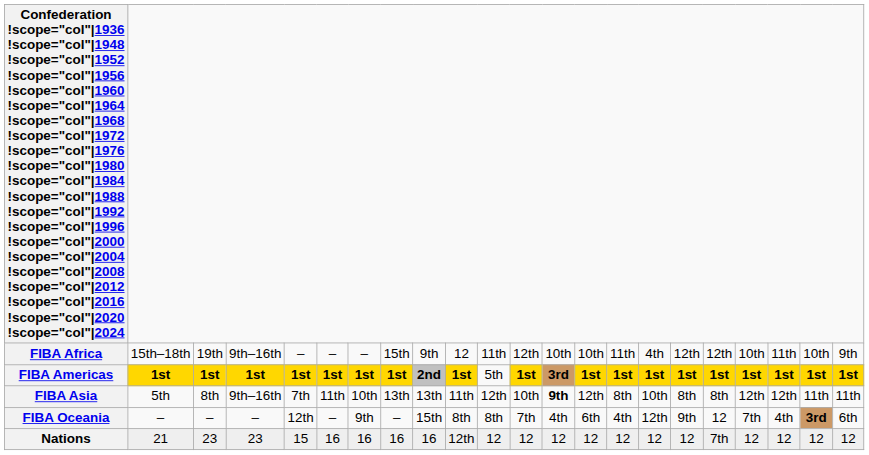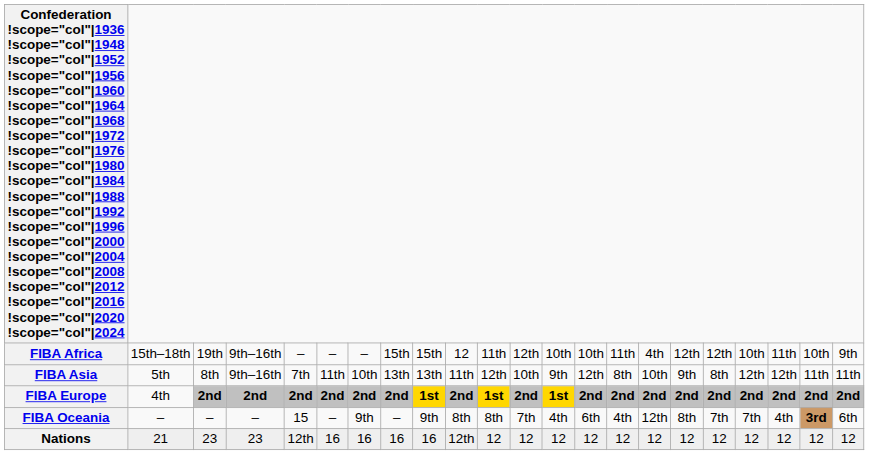 <table class="wikitable plainrowheaders sticky-table-row1 sticky-table-col1" style="text-align:center;">
 <tr style="background:#cccccc;">
 <th scope="col">Confederation<br> !scope="col"|<a href='#'>1936</a><br>  !scope="col"|<a href='#'>1948</a><br>  !scope="col"|<a href='#'>1952</a><br>  !scope="col"|<a href='#'>1956</a><br>  !scope="col"|<a href='#'>1960</a><br>  !scope="col"|<a href='#'>1964</a><br>  !scope="col"|<a href='#'>1968</a><br>  !scope="col"|<a href='#'>1972</a><br>  !scope="col"|<a href='#'>1976</a><br>  !scope="col"|<a href='#'>1980</a><br>  !scope="col"|<a href='#'>1984</a><br>  !scope="col"|<a href='#'>1988</a><br>  !scope="col"|<a href='#'>1992</a><br>  !scope="col"|<a href='#'>1996</a><br>  !scope="col"|<a href='#'>2000</a><br>  !scope="col"|<a href='#'>2004</a><br>  !scope="col"|<a href='#'>2008</a><br>  !scope="col"|<a href='#'>2012</a><br>  !scope="col"|<a href='#'>2016</a><br>  !scope="col"|<a href='#'>2020</a><br>  !scope="col"|<a href='#'>2024</a><br></th>
 </tr>
 <tr>
 <th scope="row"><a href='#'>FIBA Africa</a></th>
 <td>15th–18th</td>
 <td>19th</td>
 <td>9th–16th</td>
 <td>–</td>
 <td>–</td>
 <td>–</td>
 <td>15th</td>
-<td>9th</td>
+<td>15th</td>
 <td>12</td>
 <td>11th</td>
 <td>12th</td>
 <td>10th</td>
 <td>10th</td>
 <td>11th</td>
 <td>4th</td>
 <td>12th</td>
 <td>12th</td>
 <td>10th</td>
 <td>11th</td>
 <td>10th</td>
 <td>9th</td>
 </tr>
 <tr>
-<th scope="row"><a href='#'>FIBA Americas</a></th>
-<td style="background:gold"><strong>1st</strong></td>
-<td style="background:gold"><strong>1st</strong></td>
-<td style="background:gold"><strong>1st</strong></td>
-<td style="background:gold"><strong>1st</strong></td>
-<td style="background:gold"><strong>1st</strong></td>
-<td style="background:gold"><strong>1st</strong></td>
-<td style="background:gold"><strong>1st</strong></td>
-<td style="background:silver"><strong>2nd</strong></td>
-<td style="background:gold"><strong>1st</strong></td>
-<td>5th</td>
-<td style="background:gold"><strong>1st</strong></td>
-<td style="background:#cc9966"><strong>3rd</strong></td>
-<td style="background:gold"><strong>1st</strong></td>
-<td style="background:gold"><strong>1st</strong></td>
-<td style="background:gold"><strong>1st</strong></td>
-<td style="background:gold"><strong>1st</strong></td>
-<td style="background:gold"><strong>1st</strong></td>
-<td style="background:gold"><strong>1st</strong></td>
-<td style="background:gold"><strong>1st</strong></td>
-<td style="background:gold"><strong>1st</strong></td>
-<td style="background:gold"><strong>1st</strong></td>
-</tr>
-<tr>
 <th scope="row"><a href='#'>FIBA Asia</a></th>
 <td>5th</td>
 <td>8th</td>
 <td>9th–16th</td>
 <td>7th</td>
 <td>11th</td>
 <td>10th</td>
 <td>13th</td>
 <td>13th</td>
 <td>11th</td>
 <td>12th</td>
 <td>10th</td>
-<td><strong>9th</strong></td>
+<td>9th</td>
 <td>12th</td>
 <td>8th</td>
 <td>10th</td>
-<td>8th</td>
+<td>9th</td>
 <td>8th</td>
 <td>12th</td>
 <td>12th</td>
 <td>11th</td>
 <td>11th</td>
 </tr>
 <tr>
+<th scope="row"><a href='#'>FIBA Europe</a></th>
+<td>4th</td>
+<td style="background:silver"><strong>2nd</strong></td>
+<td style="background:silver"><strong>2nd</strong></td>
+<td style="background:silver"><strong>2nd</strong></td>
+<td style="background:silver"><strong>2nd</strong></td>
+<td style="background:silver"><strong>2nd</strong></td>
+<td style="background:silver"><strong>2nd</strong></td>
+<td style="background:gold"><strong>1st</strong></td>
+<td style="background:silver"><strong>2nd</strong></td>
+<td style="background:gold"><strong>1st</strong></td>
+<td style="background:silver"><strong>2nd</strong></td>
+<td style="background:gold"><strong>1st</strong></td>
+<td style="background:silver"><strong>2nd</strong></td>
+<td style="background:silver"><strong>2nd</strong></td>
+<td style="background:silver"><strong>2nd</strong></td>
+<td style="background:silver"><strong>2nd</strong></td>
+<td style="background:silver"><strong>2nd</strong></td>
+<td style="background:silver"><strong>2nd</strong></td>
+<td style="background:silver"><strong>2nd</strong></td>
+<td style="background:silver"><strong>2nd</strong></td>
+<td style="background:silver"><strong>2nd</strong></td>
+</tr>
+<tr>
 <th scope="row"><a href='#'>FIBA Oceania</a></th>
 <td>–</td>
 <td>–</td>
 <td>–</td>
-<td>12th</td>
+<td>15</td>
 <td>–</td>
 <td>9th</td>
 <td>–</td>
-<td>15th</td>
+<td>9th</td>
 <td>8th</td>
 <td>8th</td>
 <td>7th</td>
 <td>4th</td>
 <td>6th</td>
 <td>4th</td>
 <td>12th</td>
-<td>9th</td>
-<td>12</td>
+<td>8th</td>
+<td>7th</td>
 <td>7th</td>
 <td>4th</td>
 <td style="background:#cc9966"><strong>3rd</strong></td>
 <td>6th</td>
 </tr>
 <tr style="background:#EFEFEF;">
 <th scope="row"><strong>Nations</strong></th>
 <td>21</td>
 <td>23</td>
 <td>23</td>
-<td>15</td>
+<td>12th</td>
 <td>16</td>
 <td>16</td>
 <td>16</td>
 <td>16</td>
 <td>12th</td>
 <td>12</td>
 <td>12</td>
 <td>12</td>
 <td>12</td>
 <td>12</td>
 <td>12</td>
 <td>12</td>
-<td>7th</td>
+<td>12</td>
 <td>12</td>
 <td>12</td>
 <td>12</td>
 <td>12</td>
 </tr>
 </table>
